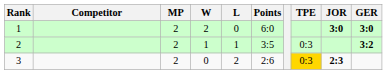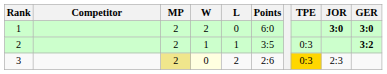 <table class="wikitable" style="text-align:center">
 <tr>
 <th>Rank</th>
 <th style="width:12em">Competitor</th>
 <th style="width:2.5em">MP</th>
 <th style="width:2.5em">W</th>
 <th style="width:2.5em">L</th>
 <th>Points</th>
 <th rowspan="4"> </th>
 <th style="width:2.5em">TPE</th>
 <th style="width:2.5em">JOR</th>
 <th style="width:2.5em">GER</th>
 </tr>
 <tr style="background:#cfc;">
 <td>1</td>
 <td style="text-align:left"></td>
 <td>2</td>
 <td>2</td>
 <td>0</td>
 <td>6:0</td>
 <td></td>
 <td><strong>3:0</strong></td>
 <td><strong>3:0</strong></td>
 </tr>
 <tr style="background:#cfc;">
 <td>2</td>
 <td style="text-align:left"></td>
 <td>2</td>
 <td>1</td>
 <td>1</td>
 <td>3:5</td>
 <td>0:3</td>
 <td></td>
 <td><strong>3:2</strong></td>
 </tr>
 <tr>
 <td>3</td>
 <td style="text-align:left"></td>
-<td>2</td>
-<td>0</td>
+<td style="background: khaki;">2</td>
+<td style="background: lightyellow;">0</td>
 <td>2</td>
 <td>2:6</td>
 <td style="background: gold;">0:3</td>
-<td><strong>2:3</strong></td>
+<td>2:3</td>
 <td></td>
 </tr>
 </table>
